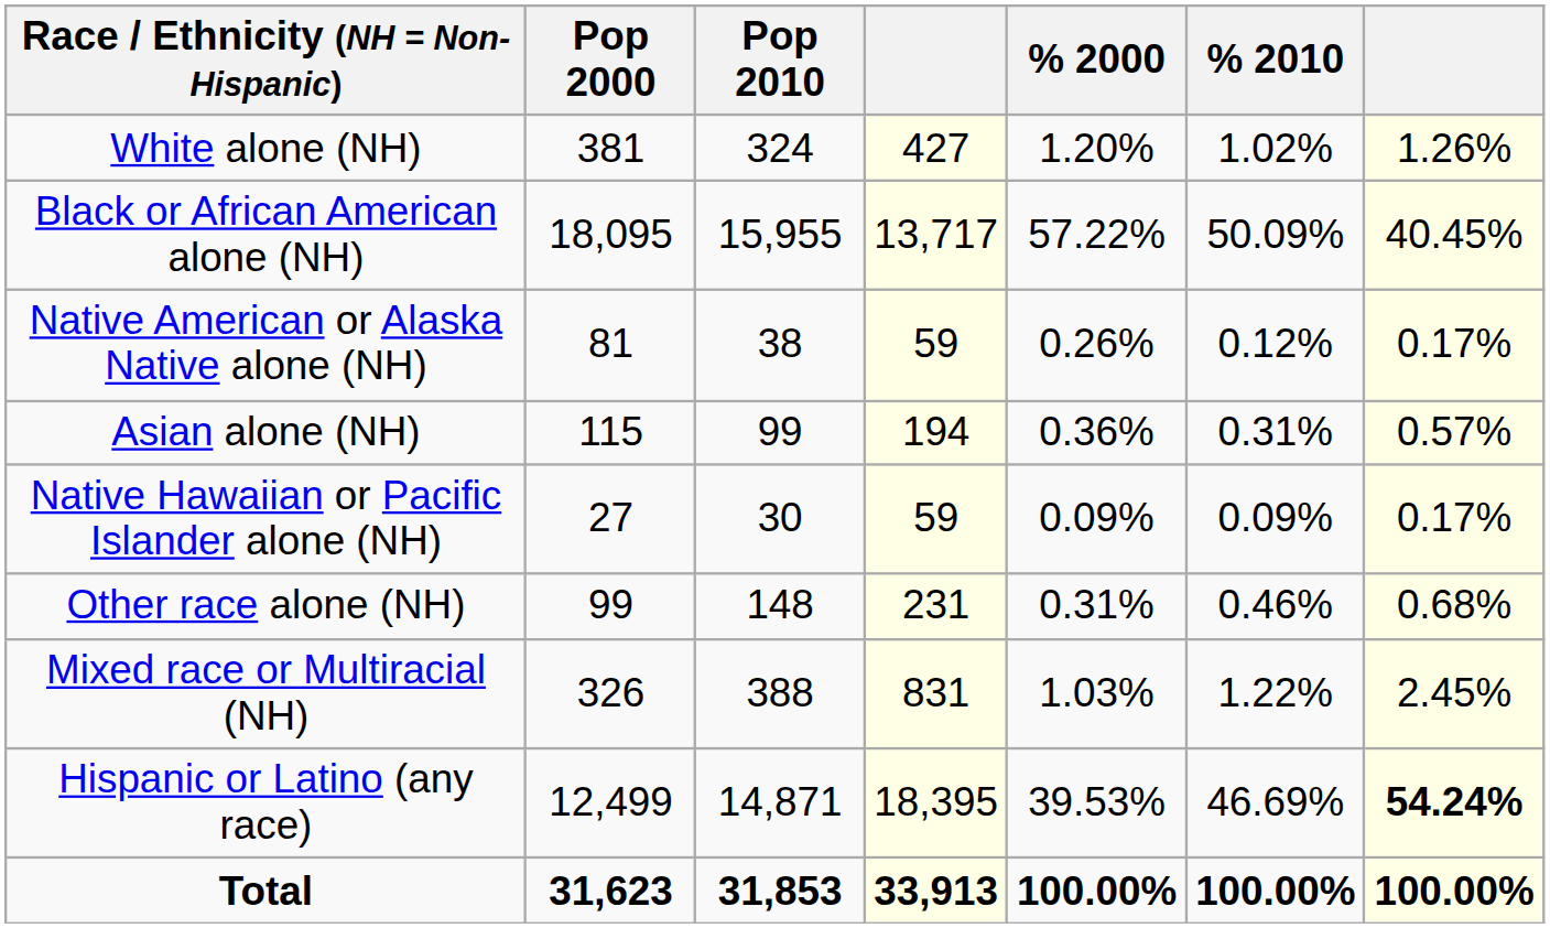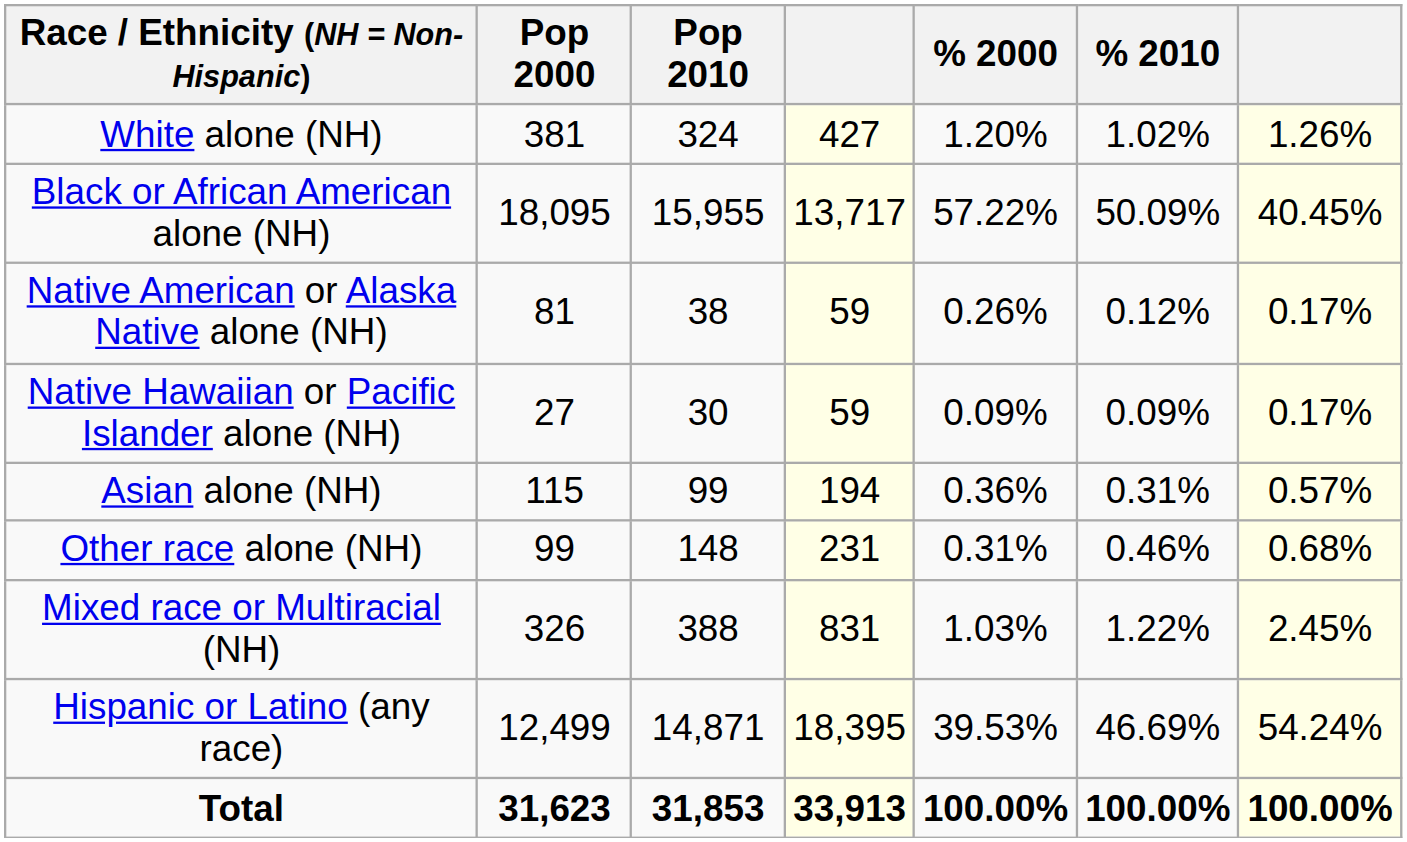 <table class="wikitable" style="text-align:center;">
 <tr>
 <th>Race / Ethnicity <small>(<em>NH = Non-Hispanic</em>)</small></th>
 <th>Pop 2000</th>
 <th>Pop 2010</th>
 <th></th>
 <th>% 2000</th>
 <th>% 2010</th>
 <th></th>
 </tr>
 <tr>
 <td><a href='#'>White</a> alone (NH)</td>
 <td>381</td>
 <td>324</td>
 <td style='background: #ffffe6;'>427</td>
 <td>1.20%</td>
 <td>1.02%</td>
 <td style='background: #ffffe6;'>1.26%</td>
 </tr>
 <tr>
 <td><a href='#'>Black or African American</a> alone (NH)</td>
 <td>18,095</td>
 <td>15,955</td>
 <td style='background: #ffffe6;'>13,717</td>
 <td>57.22%</td>
 <td>50.09%</td>
 <td style='background: #ffffe6;'>40.45%</td>
 </tr>
 <tr>
 <td><a href='#'>Native American</a> or <a href='#'>Alaska Native</a> alone (NH)</td>
 <td>81</td>
 <td>38</td>
 <td style='background: #ffffe6;'>59</td>
 <td>0.26%</td>
 <td>0.12%</td>
 <td style='background: #ffffe6;'>0.17%</td>
 </tr>
 <tr>
+<td><a href='#'>Native Hawaiian</a> or <a href='#'>Pacific Islander</a> alone (NH)</td>
+<td>27</td>
+<td>30</td>
+<td style='background: #ffffe6;'>59</td>
+<td>0.09%</td>
+<td>0.09%</td>
+<td style='background: #ffffe6;'>0.17%</td>
+</tr>
+<tr>
 <td><a href='#'>Asian</a> alone (NH)</td>
 <td>115</td>
 <td>99</td>
 <td style='background: #ffffe6;'>194</td>
 <td>0.36%</td>
 <td>0.31%</td>
 <td style='background: #ffffe6;'>0.57%</td>
-</tr>
-<tr>
-<td><a href='#'>Native Hawaiian</a> or <a href='#'>Pacific Islander</a> alone (NH)</td>
-<td>27</td>
-<td>30</td>
-<td style='background: #ffffe6;'>59</td>
-<td>0.09%</td>
-<td>0.09%</td>
-<td style='background: #ffffe6;'>0.17%</td>
 </tr>
 <tr>
 <td><a href='#'>Other race</a> alone (NH)</td>
 <td>99</td>
 <td>148</td>
 <td style='background: #ffffe6;'>231</td>
 <td>0.31%</td>
 <td>0.46%</td>
 <td style='background: #ffffe6;'>0.68%</td>
 </tr>
 <tr>
 <td><a href='#'>Mixed race or Multiracial</a> (NH)</td>
 <td>326</td>
 <td>388</td>
 <td style='background: #ffffe6;'>831</td>
 <td>1.03%</td>
 <td>1.22%</td>
 <td style='background: #ffffe6;'>2.45%</td>
 </tr>
 <tr>
 <td><a href='#'>Hispanic or Latino</a> (any race)</td>
 <td>12,499</td>
 <td>14,871</td>
 <td style='background: #ffffe6;'>18,395</td>
 <td>39.53%</td>
 <td>46.69%</td>
-<td style='background: #ffffe6;'><strong>54.24%</strong></td>
+<td style='background: #ffffe6;'>54.24%</td>
 </tr>
 <tr>
 <td><strong>Total</strong></td>
 <td><strong>31,623</strong></td>
 <td><strong>31,853</strong></td>
 <td style='background: #ffffe6;'><strong>33,913</strong></td>
 <td><strong>100.00%</strong></td>
 <td><strong>100.00%</strong></td>
 <td style='background: #ffffe6;'><strong>100.00%</strong></td>
 </tr>
 </table>
